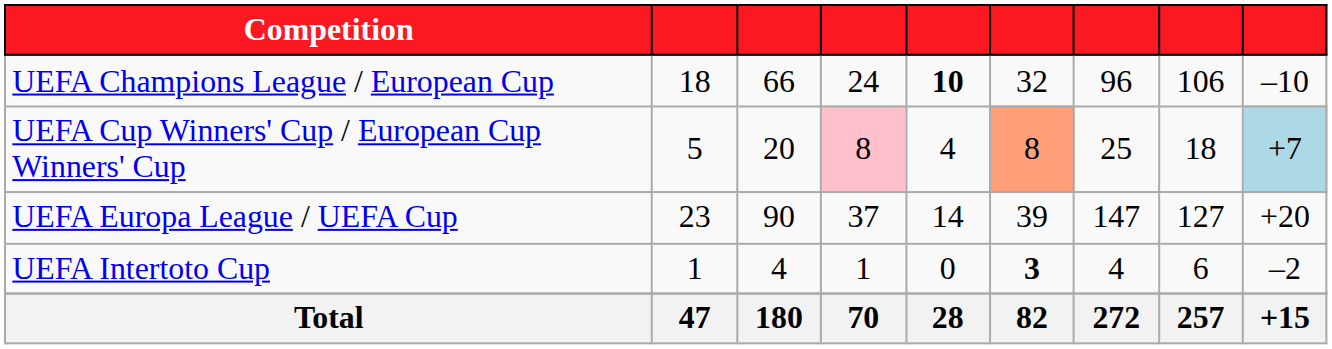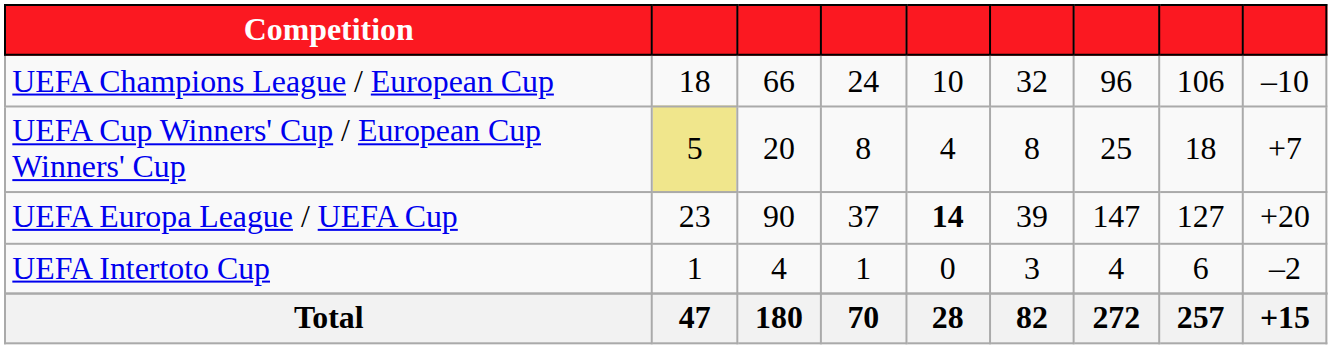 <table class="wikitable" style="text-align: center;">
 <tr>
 <th width="318" style="background:#fb1821;color:#fefefe;border:1px solid #000000;">Competition</th>
 <th width="35" style="background:#fb1821;color:#fefefe;border:1px solid #000000;"></th>
 <th width="35" style="background:#fb1821;color:#fefefe;border:1px solid #000000;"></th>
 <th width="35" style="background:#fb1821;color:#fefefe;border:1px solid #000000;"></th>
 <th width="35" style="background:#fb1821;color:#fefefe;border:1px solid #000000;"></th>
 <th width="35" style="background:#fb1821;color:#fefefe;border:1px solid #000000;"></th>
 <th width="35" style="background:#fb1821;color:#fefefe;border:1px solid #000000;"></th>
 <th width="35" style="background:#fb1821;color:#fefefe;border:1px solid #000000;"></th>
 <th width="35" style="background:#fb1821;color:#fefefe;border:1px solid #000000;"></th>
 </tr>
 <tr>
 <td align=left><a href='#'>UEFA Champions League</a> / <a href='#'>European Cup</a></td>
 <td>18</td>
 <td>66</td>
 <td>24</td>
-<td><strong>10</strong></td>
+<td>10</td>
 <td>32</td>
 <td>96</td>
 <td>106</td>
 <td>–10</td>
 </tr>
 <tr>
 <td align=left><a href='#'>UEFA Cup Winners' Cup</a> / <a href='#'>European Cup Winners' Cup</a></td>
-<td>5</td>
+<td style="background: khaki;">5</td>
 <td>20</td>
-<td style="background: pink;">8</td>
+<td>8</td>
 <td>4</td>
-<td style="background: lightsalmon;">8</td>
+<td>8</td>
 <td>25</td>
 <td>18</td>
-<td style="background: lightblue;">+7</td>
+<td>+7</td>
 </tr>
 <tr>
 <td align=left><a href='#'>UEFA Europa League</a> / <a href='#'>UEFA Cup</a></td>
 <td>23</td>
 <td>90</td>
 <td>37</td>
-<td>14</td>
+<td><strong>14</strong></td>
 <td>39</td>
 <td>147</td>
 <td>127</td>
 <td>+20</td>
 </tr>
 <tr>
 <td align=left><a href='#'>UEFA Intertoto Cup</a></td>
 <td>1</td>
 <td>4</td>
 <td>1</td>
 <td>0</td>
-<td><strong>3</strong></td>
+<td>3</td>
 <td>4</td>
 <td>6</td>
 <td>–2</td>
 </tr>
 <tr>
 </tr>
 <tr class="sortbottom">
 <th>Total</th>
 <th>47</th>
 <th>180</th>
 <th>70</th>
 <th>28</th>
 <th>82</th>
 <th>272</th>
 <th>257</th>
 <th>+15</th>
 </tr>
 </table>
